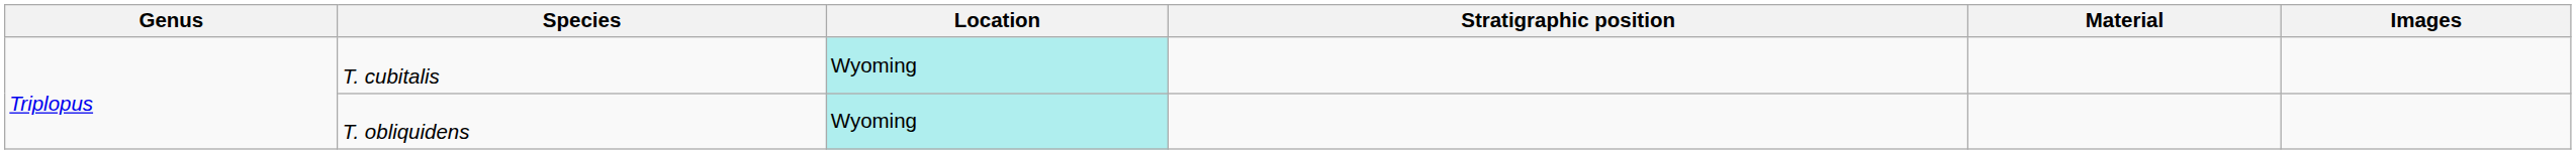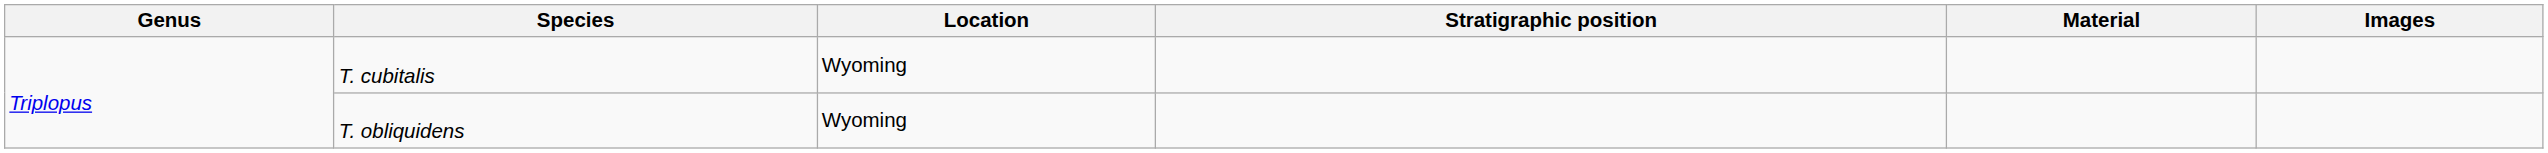 <table class="wikitable sortable"  style="margin:auto; width:100%;">
 <tr>
 <th>Genus</th>
 <th>Species</th>
 <th>Location</th>
 <th>Stratigraphic position</th>
 <th>Material</th>
 <th>Images</th>
 </tr>
 <tr>
 <td rowspan=3><br><em><a href='#'>Triplopus</a></em></td>
 <td><br><em>T. cubitalis</em></td>
-<td style="background: paleturquoise;">Wyoming</td>
+<td>Wyoming</td>
 <td></td>
 <td></td>
 <td></td>
 </tr>
 <tr>
 <td><br><em>T. obliquidens</em></td>
-<td style="background: paleturquoise;">Wyoming</td>
+<td>Wyoming</td>
 <td></td>
 <td></td>
 <td></td>
 </tr>
 </table>
